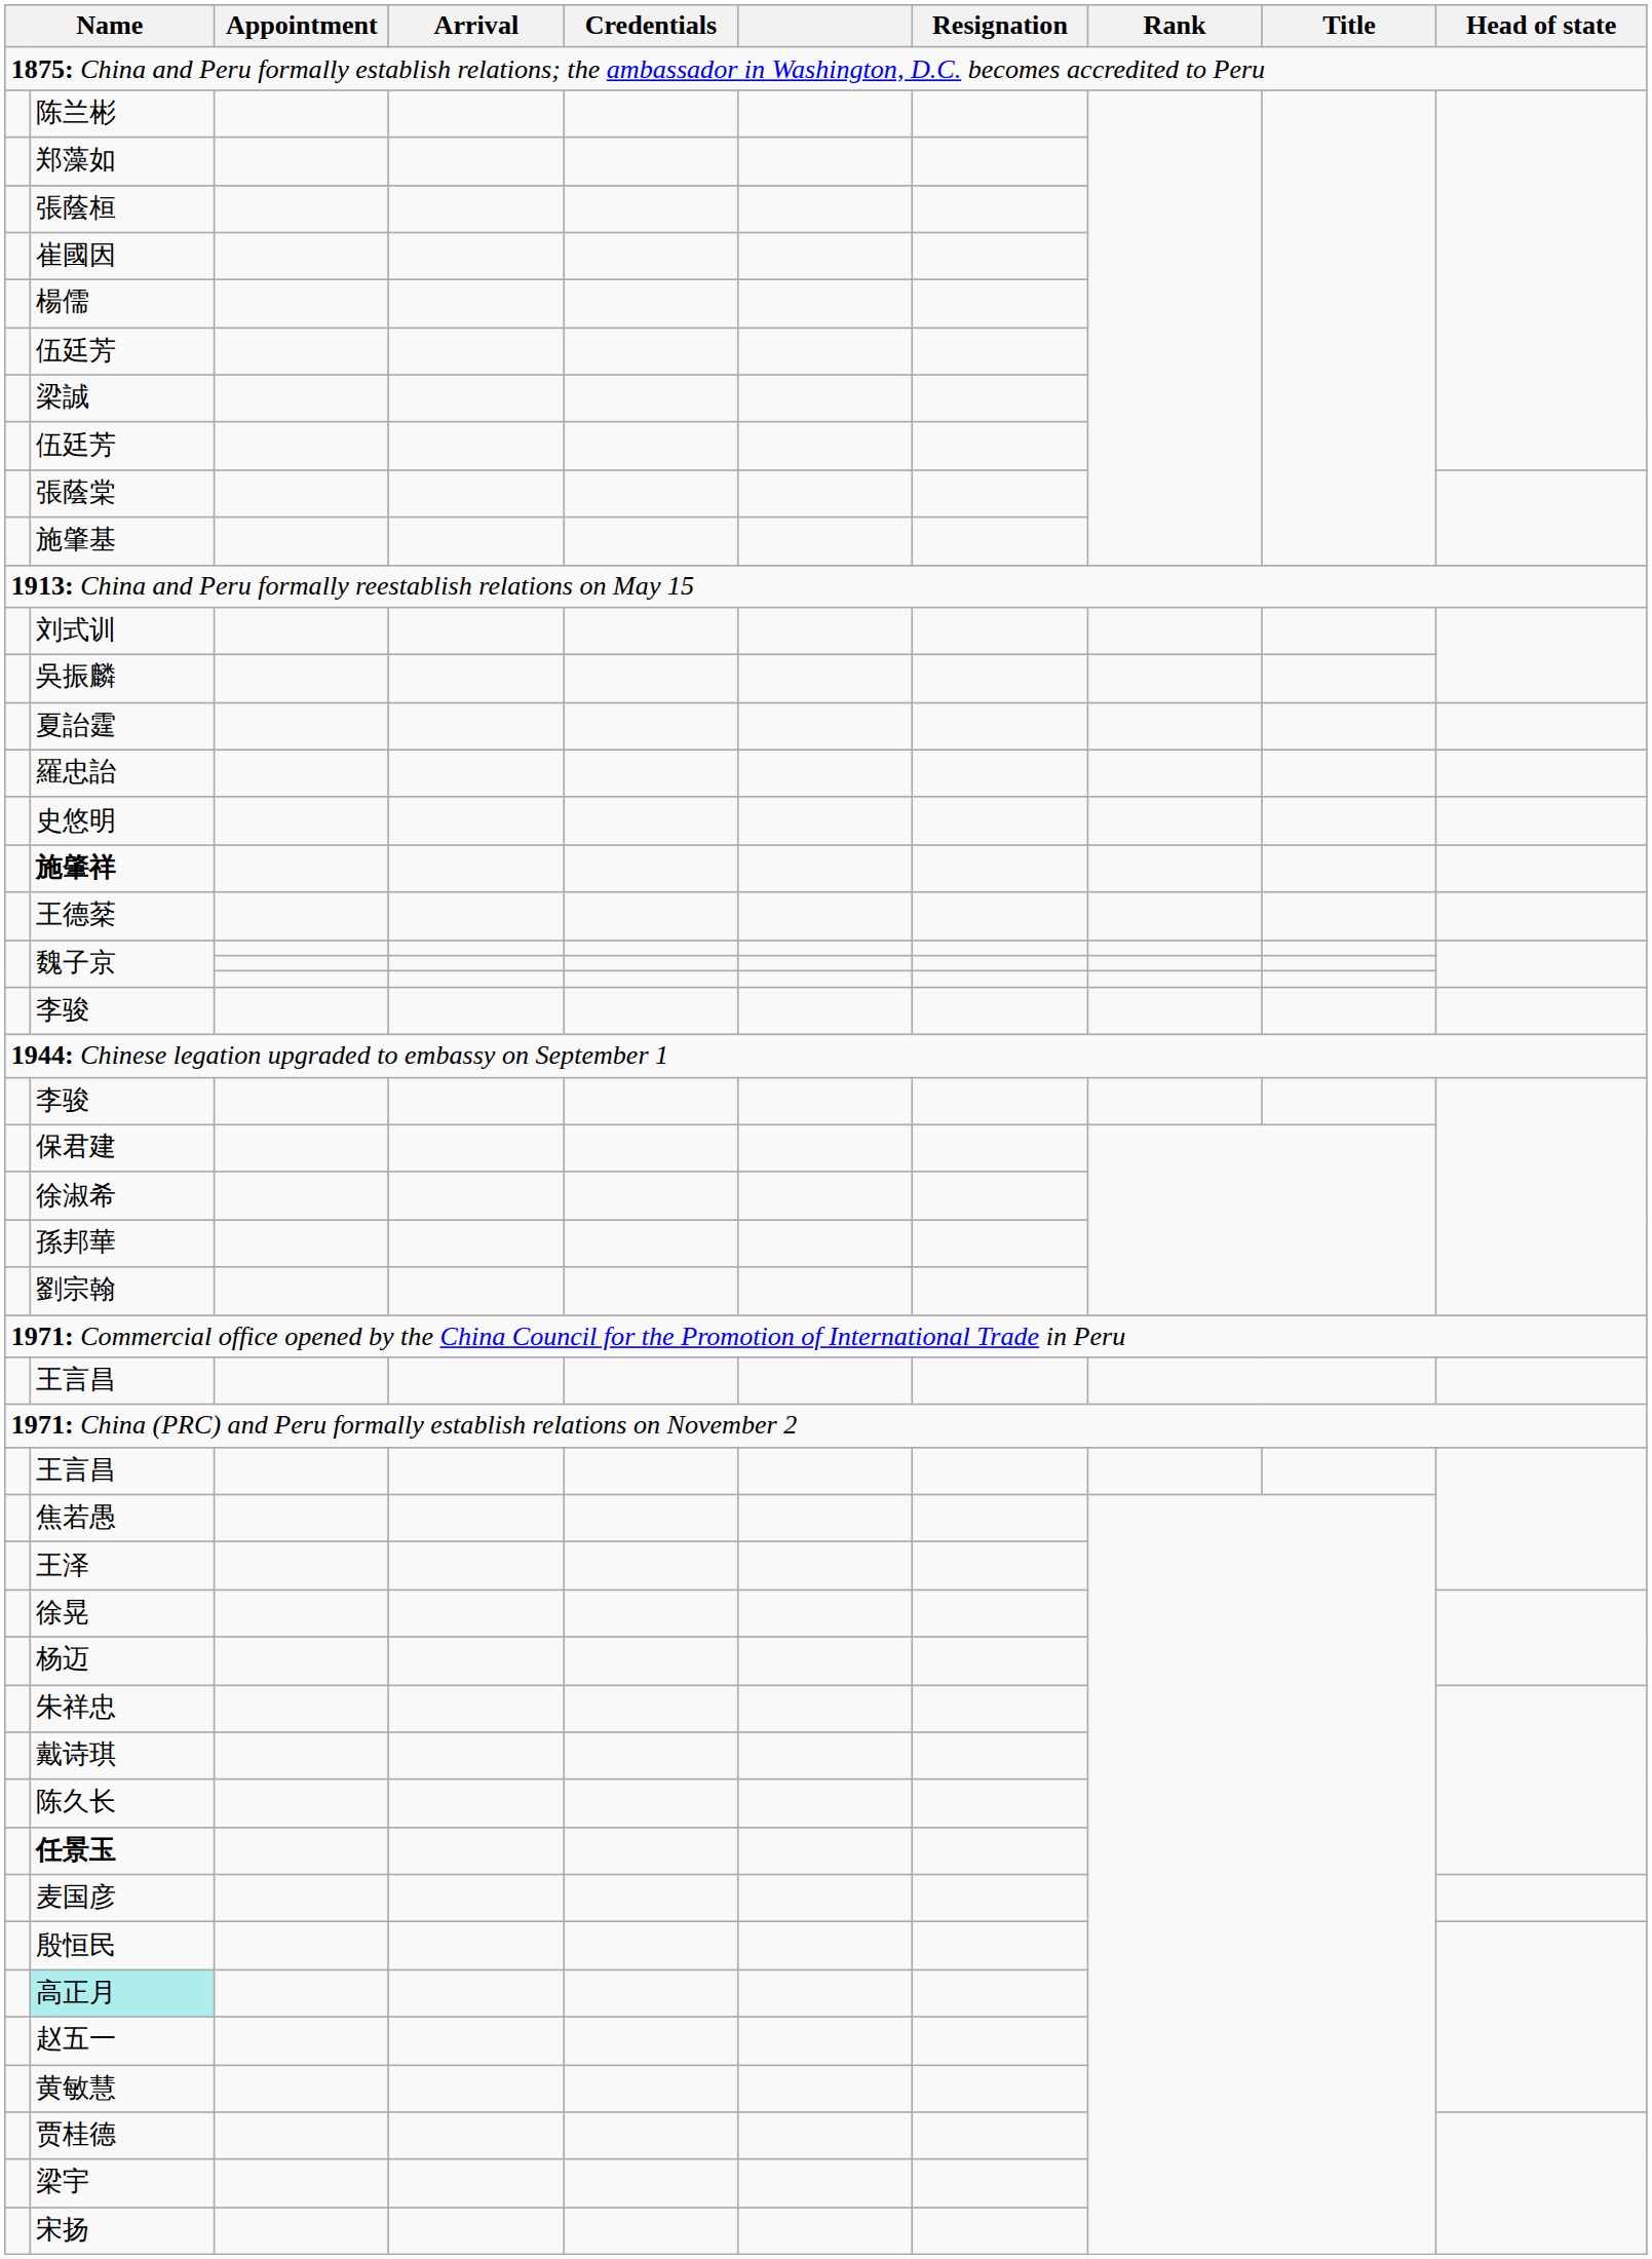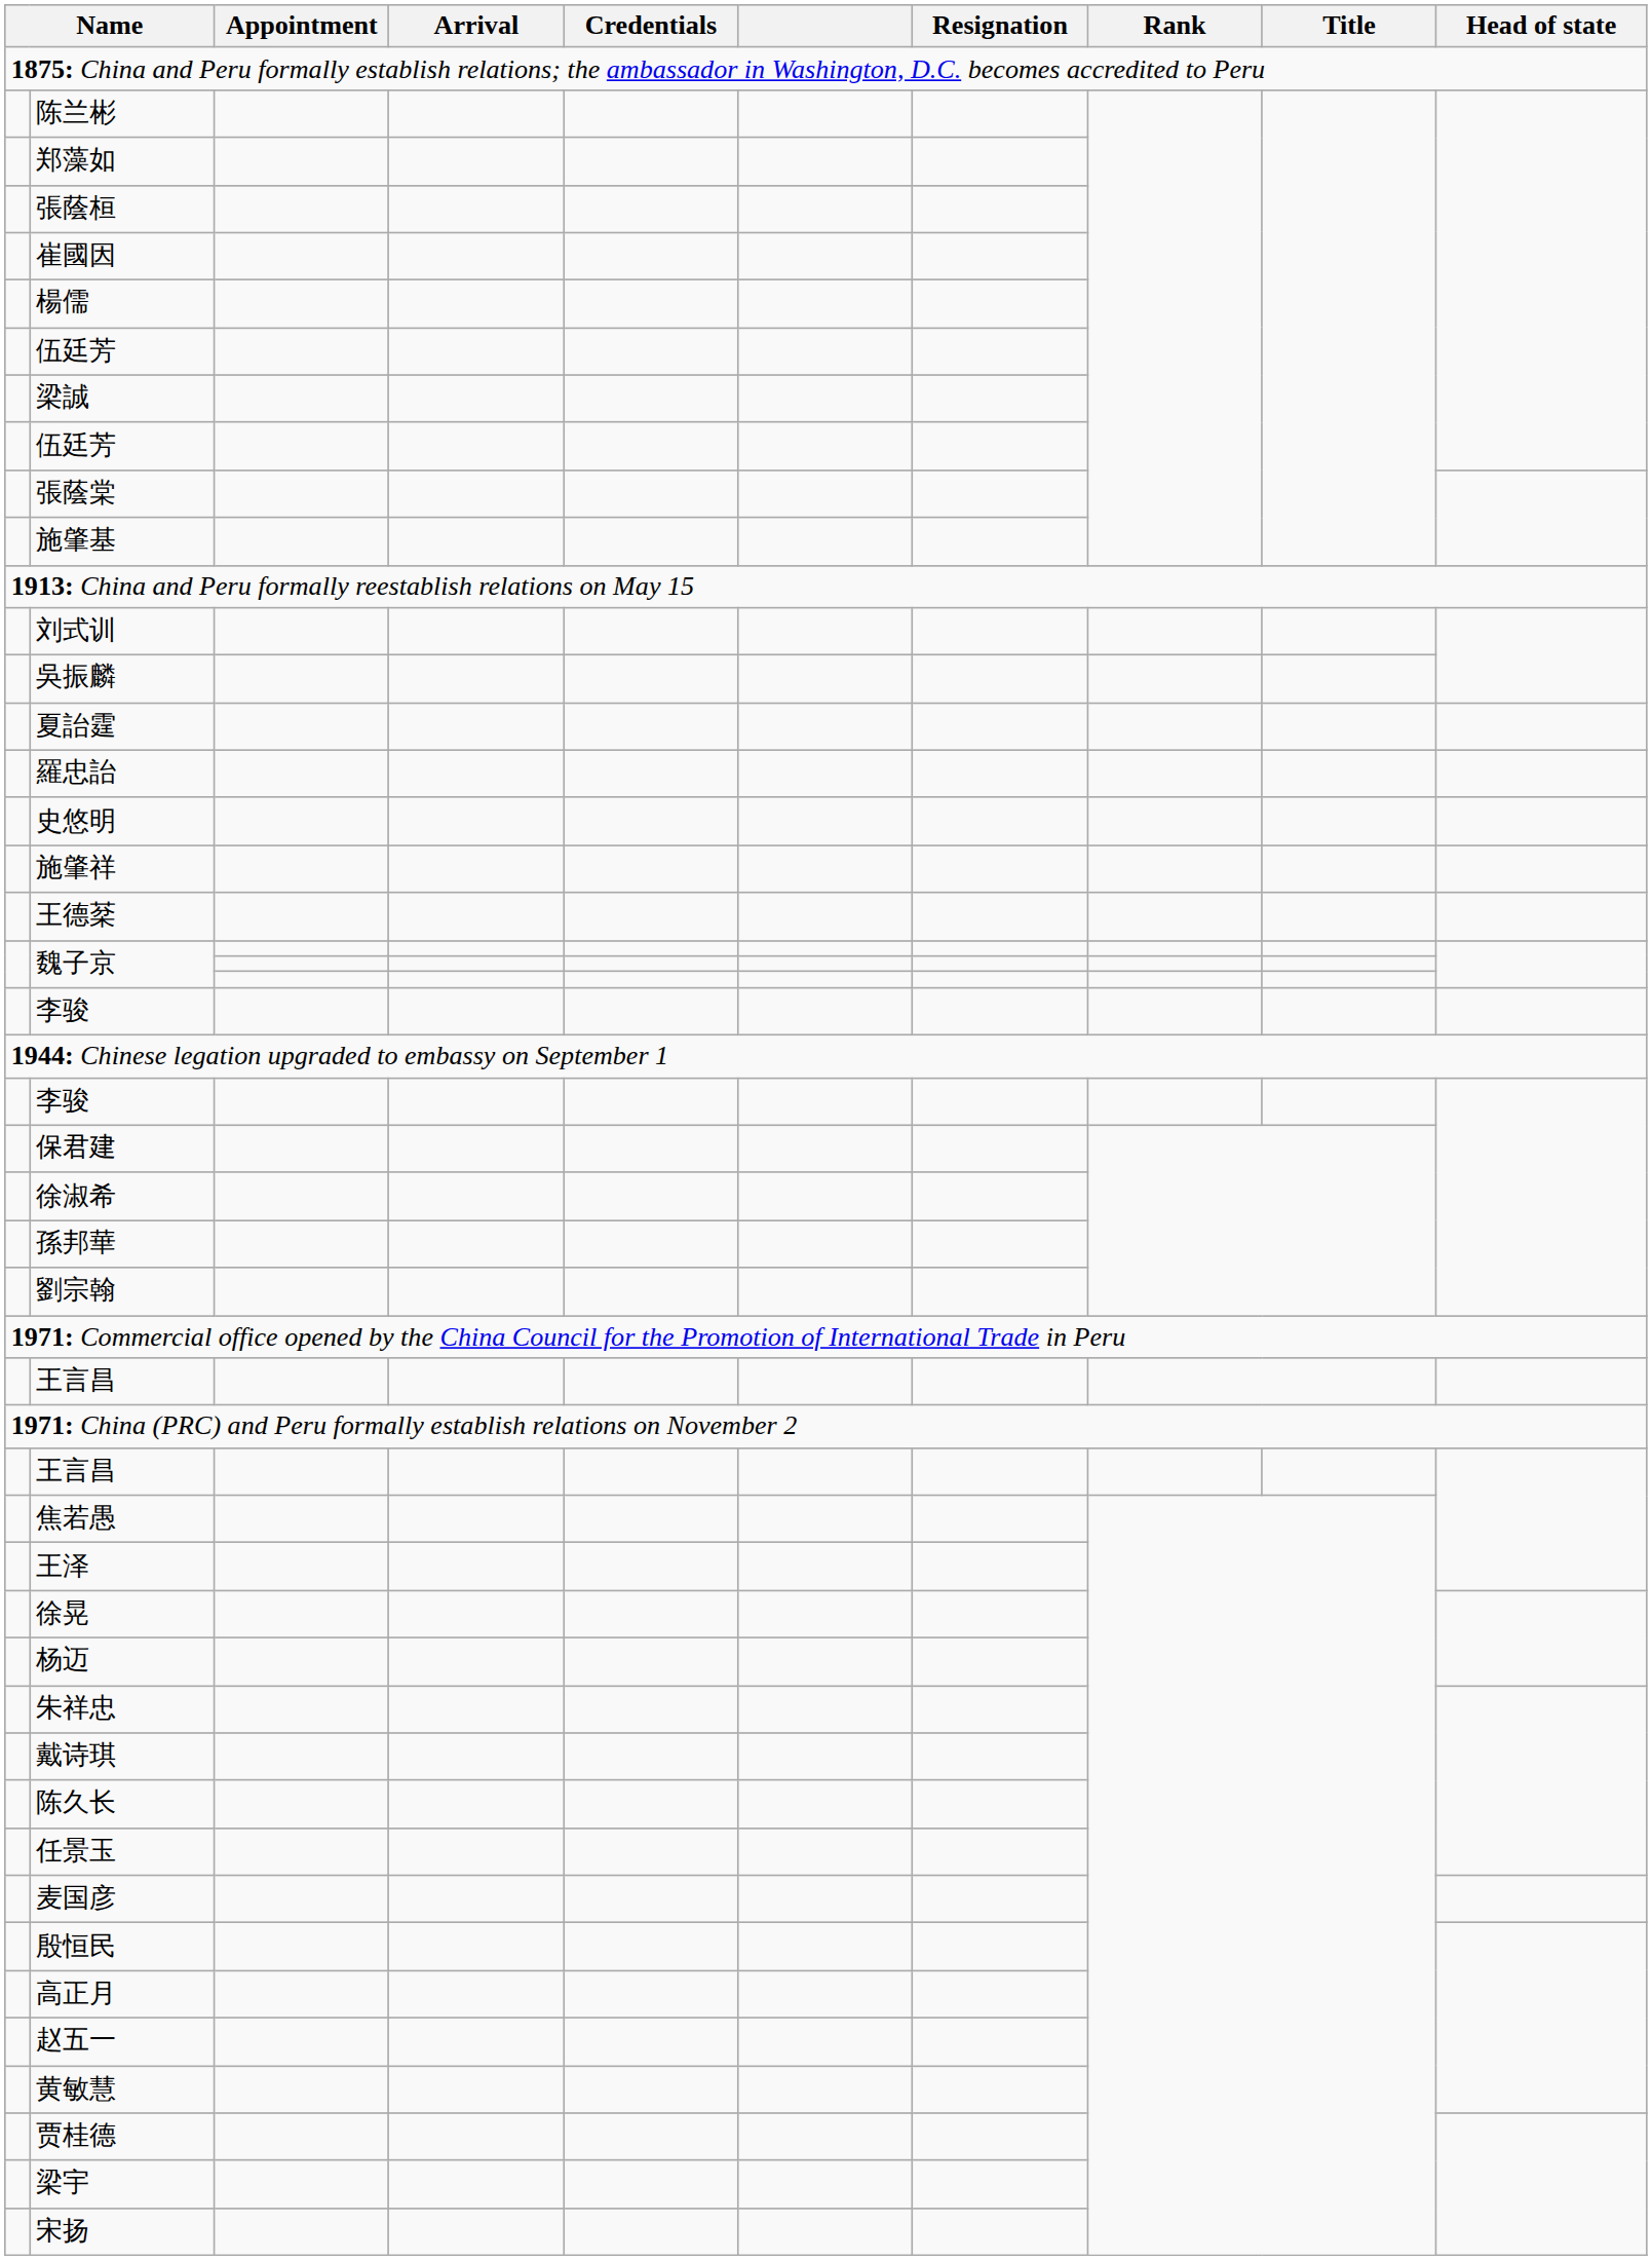 <table class="wikitable sortable"  text-align:center;">
 <tr>
 <th width=12%; colspan=2>Name</th>
 <th width=10%>Appointment</th>
 <th width=10%>Arrival</th>
 <th width=10%>Credentials</th>
 <th width=10%></th>
 <th width=10%>Resignation</th>
 <th width=10%>Rank</th>
 <th width=10%>Title</th>
 <th width=12%>Head of state</th>
 </tr>
 <tr>
 <td colspan=12><div><strong>1875:</strong> <em>China and Peru formally establish relations; the <a href='#'>ambassador in Washington, D.C.</a> becomes accredited to Peru</em></div></td>
 </tr>
 <tr>
 <td></td>
 <td>陈兰彬</td>
 <td></td>
 <td></td>
 <td></td>
 <td></td>
 <td></td>
 <td rowspan="10"></td>
 <td rowspan="10"><a href='#'></a></td>
 <td rowspan="8"></td>
 </tr>
 <tr>
 <td></td>
 <td>郑藻如</td>
 <td></td>
 <td></td>
 <td></td>
 <td></td>
 <td></td>
 </tr>
 <tr>
 <td></td>
 <td>張蔭桓</td>
 <td></td>
 <td></td>
 <td></td>
 <td></td>
 <td></td>
 </tr>
 <tr>
 <td></td>
 <td>崔國因</td>
 <td></td>
 <td></td>
 <td></td>
 <td></td>
 <td></td>
 </tr>
 <tr>
 <td></td>
 <td>楊儒</td>
 <td></td>
 <td></td>
 <td></td>
 <td></td>
 <td></td>
 </tr>
 <tr>
 <td></td>
 <td>伍廷芳</td>
 <td></td>
 <td></td>
 <td></td>
 <td></td>
 <td></td>
 </tr>
 <tr>
 <td></td>
 <td>梁誠</td>
 <td></td>
 <td></td>
 <td></td>
 <td></td>
 <td></td>
 </tr>
 <tr>
 <td></td>
 <td>伍廷芳</td>
 <td></td>
 <td></td>
 <td></td>
 <td></td>
 <td></td>
 </tr>
 <tr>
 <td></td>
 <td>張蔭棠</td>
 <td></td>
 <td></td>
 <td></td>
 <td></td>
 <td></td>
 <td rowspan="2"></td>
 </tr>
 <tr>
 <td></td>
 <td>施肇基</td>
 <td></td>
 <td></td>
 <td></td>
 <td></td>
 <td></td>
 </tr>
 <tr>
 <td colspan=11><div><strong>1913:</strong> <em>China and Peru formally reestablish relations on May 15</em></div></td>
 </tr>
 <tr>
 <td></td>
 <td>刘式训</td>
 <td></td>
 <td></td>
 <td></td>
 <td></td>
 <td></td>
 <td></td>
 <td></td>
 <td rowspan="2"></td>
 </tr>
 <tr>
 <td></td>
 <td>吳振麟</td>
 <td></td>
 <td></td>
 <td></td>
 <td></td>
 <td></td>
 <td></td>
 <td><a href='#'></a></td>
 </tr>
 <tr>
 <td></td>
 <td>夏詒霆</td>
 <td></td>
 <td></td>
 <td></td>
 <td></td>
 <td></td>
 <td></td>
 <td></td>
 <td></td>
 </tr>
 <tr>
 <td></td>
 <td>羅忠詒</td>
 <td></td>
 <td></td>
 <td></td>
 <td></td>
 <td></td>
 <td></td>
 <td></td>
 <td></td>
 </tr>
 <tr>
 <td></td>
 <td>史悠明</td>
 <td></td>
 <td></td>
 <td></td>
 <td></td>
 <td></td>
 <td></td>
 <td></td>
 <td></td>
 </tr>
 <tr>
 <td></td>
-<td><strong>施肇祥</strong></td>
+<td>施肇祥</td>
 <td></td>
 <td></td>
 <td></td>
 <td></td>
 <td></td>
 <td></td>
 <td></td>
 <td></td>
 </tr>
 <tr>
 <td></td>
 <td>王德棻</td>
 <td></td>
 <td></td>
 <td></td>
 <td></td>
 <td></td>
 <td></td>
 <td></td>
 <td></td>
 </tr>
 <tr>
 <td rowspan="3"></td>
 <td rowspan="3">魏子京</td>
 <td></td>
 <td></td>
 <td></td>
 <td></td>
 <td></td>
 <td></td>
 <td></td>
 <td rowspan="3"></td>
 </tr>
 <tr>
 <td></td>
 <td></td>
 <td></td>
 <td></td>
 <td></td>
 <td></td>
 <td></td>
 </tr>
 <tr>
 <td></td>
 <td></td>
 <td></td>
 <td></td>
 <td></td>
 <td></td>
 <td></td>
 </tr>
 <tr>
 <td></td>
 <td>李骏</td>
 <td></td>
 <td></td>
 <td></td>
 <td></td>
 <td></td>
 <td></td>
 <td></td>
 <td></td>
 </tr>
 <tr>
 <td colspan=11><div><strong>1944:</strong> <em>Chinese legation upgraded to embassy on September 1</em></div></td>
 </tr>
 <tr>
 <td></td>
 <td>李骏</td>
 <td></td>
 <td></td>
 <td></td>
 <td></td>
 <td></td>
 <td></td>
 <td></td>
 <td rowspan="5"></td>
 </tr>
 <tr>
 <td></td>
 <td>保君建</td>
 <td></td>
 <td></td>
 <td></td>
 <td></td>
 <td></td>
 <td colspan=2; rowspan=4></td>
 </tr>
 <tr>
 <td></td>
 <td>徐淑希</td>
 <td></td>
 <td></td>
 <td></td>
 <td></td>
 <td></td>
 </tr>
 <tr>
 <td></td>
 <td>孫邦華</td>
 <td></td>
 <td></td>
 <td></td>
 <td></td>
 <td></td>
 </tr>
 <tr>
 <td></td>
 <td>劉宗翰</td>
 <td></td>
 <td></td>
 <td></td>
 <td></td>
 <td></td>
 </tr>
 <tr>
 <td colspan=11><div><strong>1971:</strong> <em>Commercial office opened by the <a href='#'>China Council for the Promotion of International Trade</a> in Peru</em></div></td>
 </tr>
 <tr>
 <td></td>
 <td>王言昌</td>
 <td></td>
 <td></td>
 <td></td>
 <td></td>
 <td></td>
 <td colspan=2></td>
 <td></td>
 </tr>
 <tr>
 <td colspan=11><div><strong>1971:</strong> <em>China (PRC) and Peru formally establish relations on November 2</em></div></td>
 </tr>
 <tr>
 <td></td>
 <td>王言昌</td>
 <td></td>
 <td></td>
 <td></td>
 <td></td>
 <td></td>
 <td></td>
 <td></td>
 <td rowspan="3"></td>
 </tr>
 <tr>
 <td></td>
 <td>焦若愚</td>
 <td></td>
 <td></td>
 <td></td>
 <td></td>
 <td></td>
 <td rowspan="19"; colspan="2"></td>
 </tr>
 <tr>
 <td></td>
 <td>王泽</td>
 <td></td>
 <td></td>
 <td></td>
 <td></td>
 <td></td>
 </tr>
 <tr>
 <td></td>
 <td>徐晃</td>
 <td></td>
 <td></td>
 <td></td>
 <td></td>
 <td></td>
 <td rowspan="2"></td>
 </tr>
 <tr>
 <td></td>
 <td>杨迈</td>
 <td></td>
 <td></td>
 <td></td>
 <td></td>
 <td></td>
 </tr>
 <tr>
 <td></td>
 <td>朱祥忠</td>
 <td></td>
 <td></td>
 <td></td>
 <td></td>
 <td></td>
 <td rowspan="4"></td>
 </tr>
 <tr>
 <td></td>
 <td>戴诗琪</td>
 <td></td>
 <td></td>
 <td></td>
 <td></td>
 <td></td>
 </tr>
 <tr>
 <td></td>
 <td>陈久长</td>
 <td></td>
 <td></td>
 <td></td>
 <td></td>
 <td></td>
 </tr>
 <tr>
 <td></td>
-<td><strong>任景玉</strong></td>
+<td>任景玉</td>
 <td></td>
 <td></td>
 <td></td>
 <td></td>
 <td></td>
 </tr>
 <tr>
 <td></td>
 <td>麦国彦</td>
 <td></td>
 <td></td>
 <td></td>
 <td></td>
 <td></td>
 <td></td>
 </tr>
 <tr>
 <td></td>
 <td>殷恒民</td>
 <td></td>
 <td></td>
 <td></td>
 <td></td>
 <td></td>
 <td rowspan="4"></td>
 </tr>
 <tr>
 <td></td>
-<td style="background: paleturquoise;">高正月</td>
+<td>高正月</td>
 <td></td>
 <td></td>
 <td></td>
 <td></td>
 <td></td>
 </tr>
 <tr>
 <td></td>
 <td>赵五一</td>
 <td></td>
 <td></td>
 <td></td>
 <td></td>
 <td></td>
 </tr>
 <tr>
 <td></td>
 <td>黄敏慧</td>
 <td></td>
 <td></td>
 <td></td>
 <td></td>
 <td></td>
 </tr>
 <tr>
 <td></td>
 <td>贾桂德</td>
 <td></td>
 <td></td>
 <td></td>
 <td></td>
 <td></td>
 <td rowspan="3"></td>
 </tr>
 <tr>
 <td></td>
 <td>梁宇</td>
 <td></td>
 <td></td>
 <td></td>
 <td></td>
 <td></td>
 </tr>
 <tr>
 <td></td>
 <td>宋扬</td>
 <td></td>
 <td></td>
 <td></td>
 <td></td>
 <td></td>
 </tr>
 <tr>
 </tr>
 </table>
